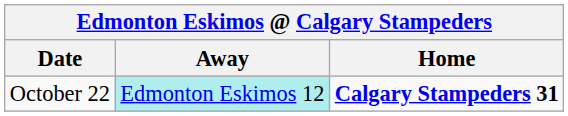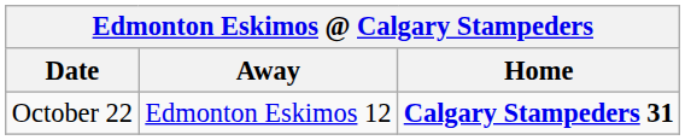 <table class="wikitable">
 <tr>
 <th colspan=4><a href='#'>Edmonton Eskimos</a> @ <a href='#'>Calgary Stampeders</a></th>
 </tr>
 <tr>
 <th>Date</th>
 <th>Away</th>
 <th>Home</th>
 </tr>
 <tr>
 <td>October 22</td>
-<td style="background: paleturquoise;"><a href='#'>Edmonton Eskimos</a> 12</td>
+<td><a href='#'>Edmonton Eskimos</a> 12</td>
 <td><strong><a href='#'>Calgary Stampeders</a> 31</strong></td>
 </tr>
 </table>
